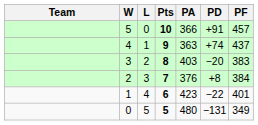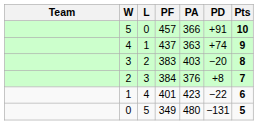 <table class="wikitable" style="text-align:center;">
 <tr>
 <th width=170>Team</th>
 <th width=20>W</th>
 <th width=20>L</th>
-<th width=20>Pts</th>
+<th width=30>PF</th>
 <th width=30>PA</th>
 <th width=30>PD</th>
-<th width=30>PF</th>
+<th width=20>Pts</th>
 </tr>
 <tr bgcolor="#ccffcc">
 <td align=left></td>
 <td>5</td>
 <td>0</td>
-<td><strong>10</strong></td>
+<td>457</td>
 <td>366</td>
 <td>+91</td>
-<td>457</td>
+<td><strong>10</strong></td>
 </tr>
 <tr bgcolor="#ccffcc">
 <td align=left></td>
 <td>4</td>
 <td>1</td>
-<td><strong>9</strong></td>
+<td>437</td>
 <td>363</td>
 <td>+74</td>
-<td>437</td>
+<td><strong>9</strong></td>
 </tr>
 <tr bgcolor="#ccffcc">
 <td align=left></td>
 <td>3</td>
 <td>2</td>
-<td><strong>8</strong></td>
+<td>383</td>
 <td>403</td>
 <td>−20</td>
-<td>383</td>
+<td><strong>8</strong></td>
 </tr>
 <tr bgcolor="#ccffcc">
 <td align=left></td>
 <td>2</td>
 <td>3</td>
-<td><strong>7</strong></td>
+<td>384</td>
 <td>376</td>
 <td>+8</td>
-<td>384</td>
+<td><strong>7</strong></td>
 </tr>
 <tr>
 <td align=left></td>
 <td>1</td>
 <td>4</td>
-<td><strong>6</strong></td>
+<td>401</td>
 <td>423</td>
 <td>−22</td>
-<td>401</td>
+<td><strong>6</strong></td>
 </tr>
 <tr>
 <td align=left></td>
 <td>0</td>
 <td>5</td>
-<td><strong>5</strong></td>
+<td>349</td>
 <td>480</td>
 <td>−131</td>
-<td>349</td>
+<td><strong>5</strong></td>
 </tr>
 </table>
